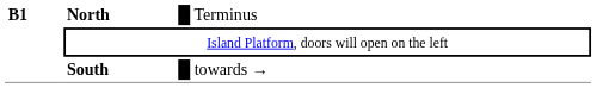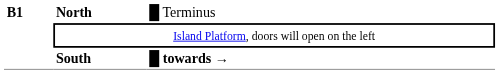 <table table border=0 cellspacing=0 cellpadding=3>
 <tr>
 <td style="border-top:solid 0px gray;border-bottom:solid 1px gray;" width=50 rowspan=3 valign=top><strong>B1</strong></td>
 <td style="border-top:solid 0px gray;" width=100><strong>North</strong></td>
 <td style="border-top:solid 0px gray;" width=390><span>█</span> Terminus</td>
 </tr>
 <tr>
 <td style="border-top:solid 2px black;border-right:solid 2px black;border-left:solid 2px black;border-bottom:solid 2px black;text-align:center;" colspan=2><small><a href='#'>Island Platform</a>, doors will open on the left</small></td>
 </tr>
 <tr>
 <td style="border-bottom:solid 1px gray;"><strong>South</strong></td>
-<td style="border-bottom:solid 1px gray;"><span>█</span> towards →</td>
+<td style="border-bottom:solid 1px gray;"><strong><span>█</span> towards →</strong></td>
 </tr>
 </table>
